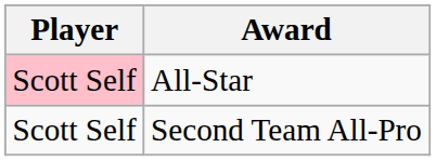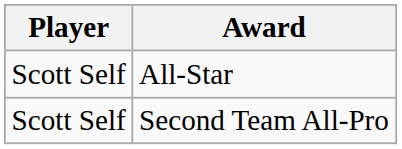 <table class="wikitable">
 <tr>
 <th>Player</th>
 <th>Award</th>
 </tr>
 <tr>
-<td style="background: pink;">Scott Self</td>
+<td>Scott Self</td>
 <td>All-Star</td>
 </tr>
 <tr>
 <td>Scott Self</td>
 <td>Second Team All-Pro</td>
 </tr>
 </table>
